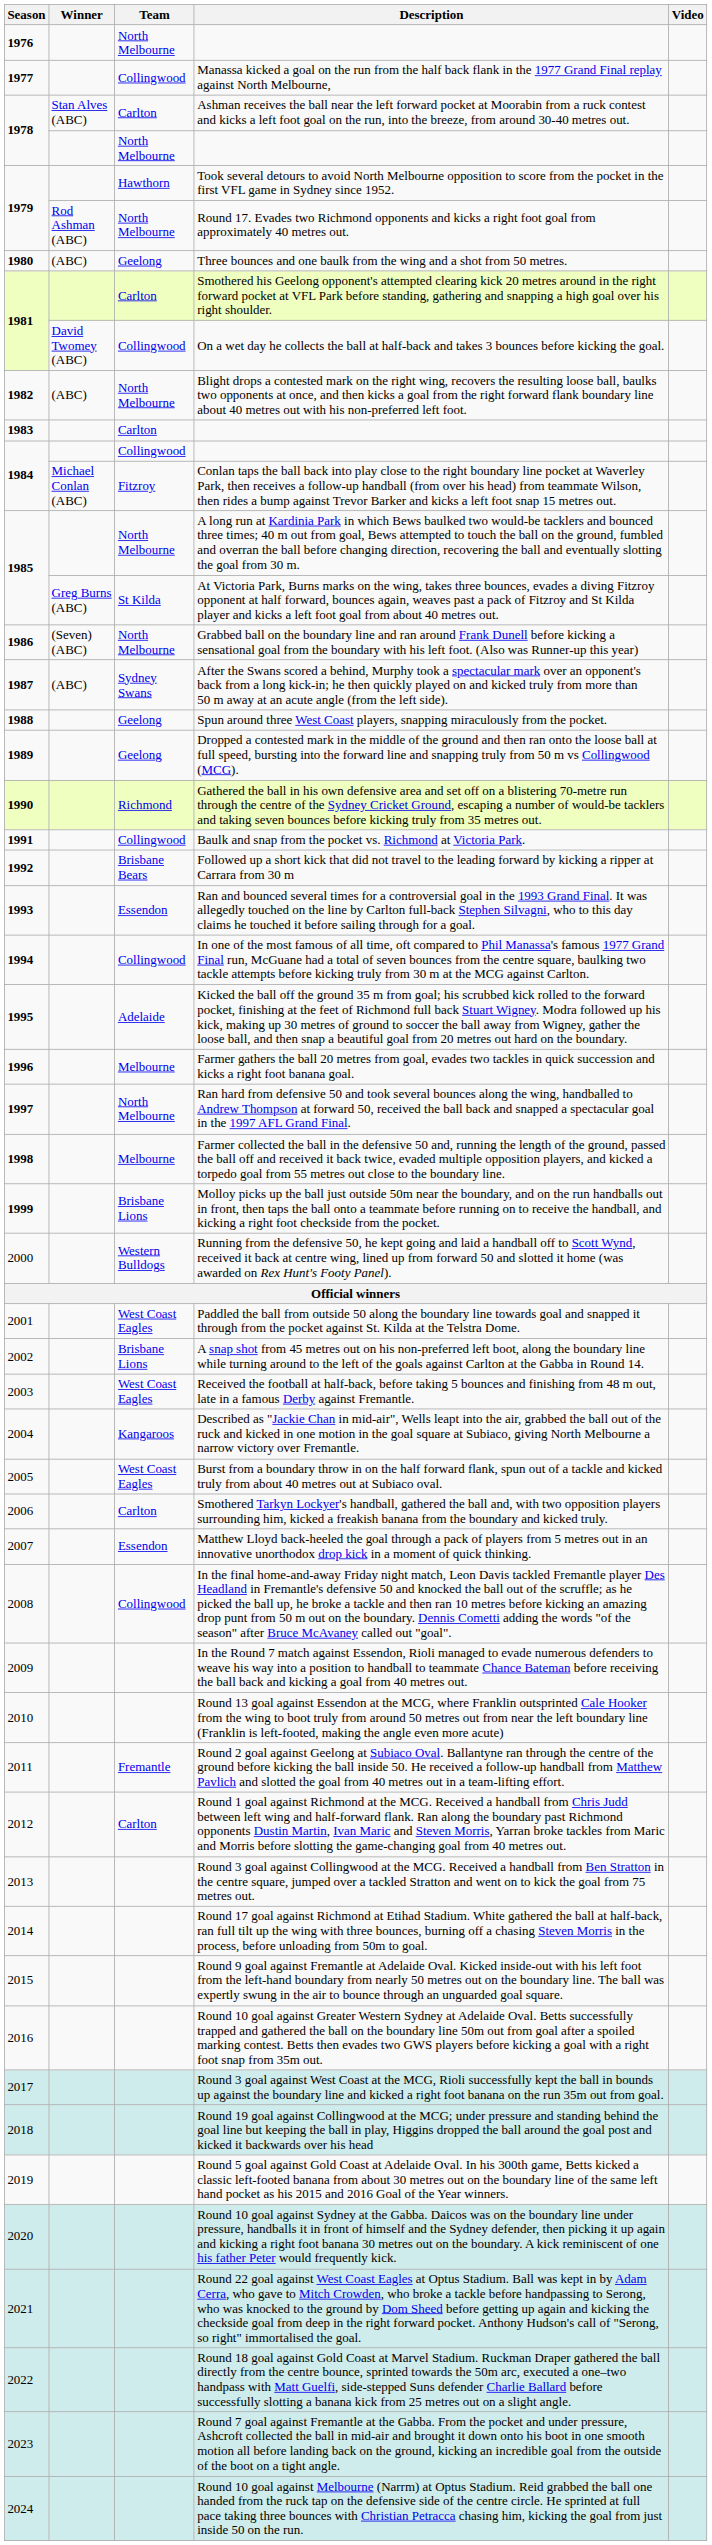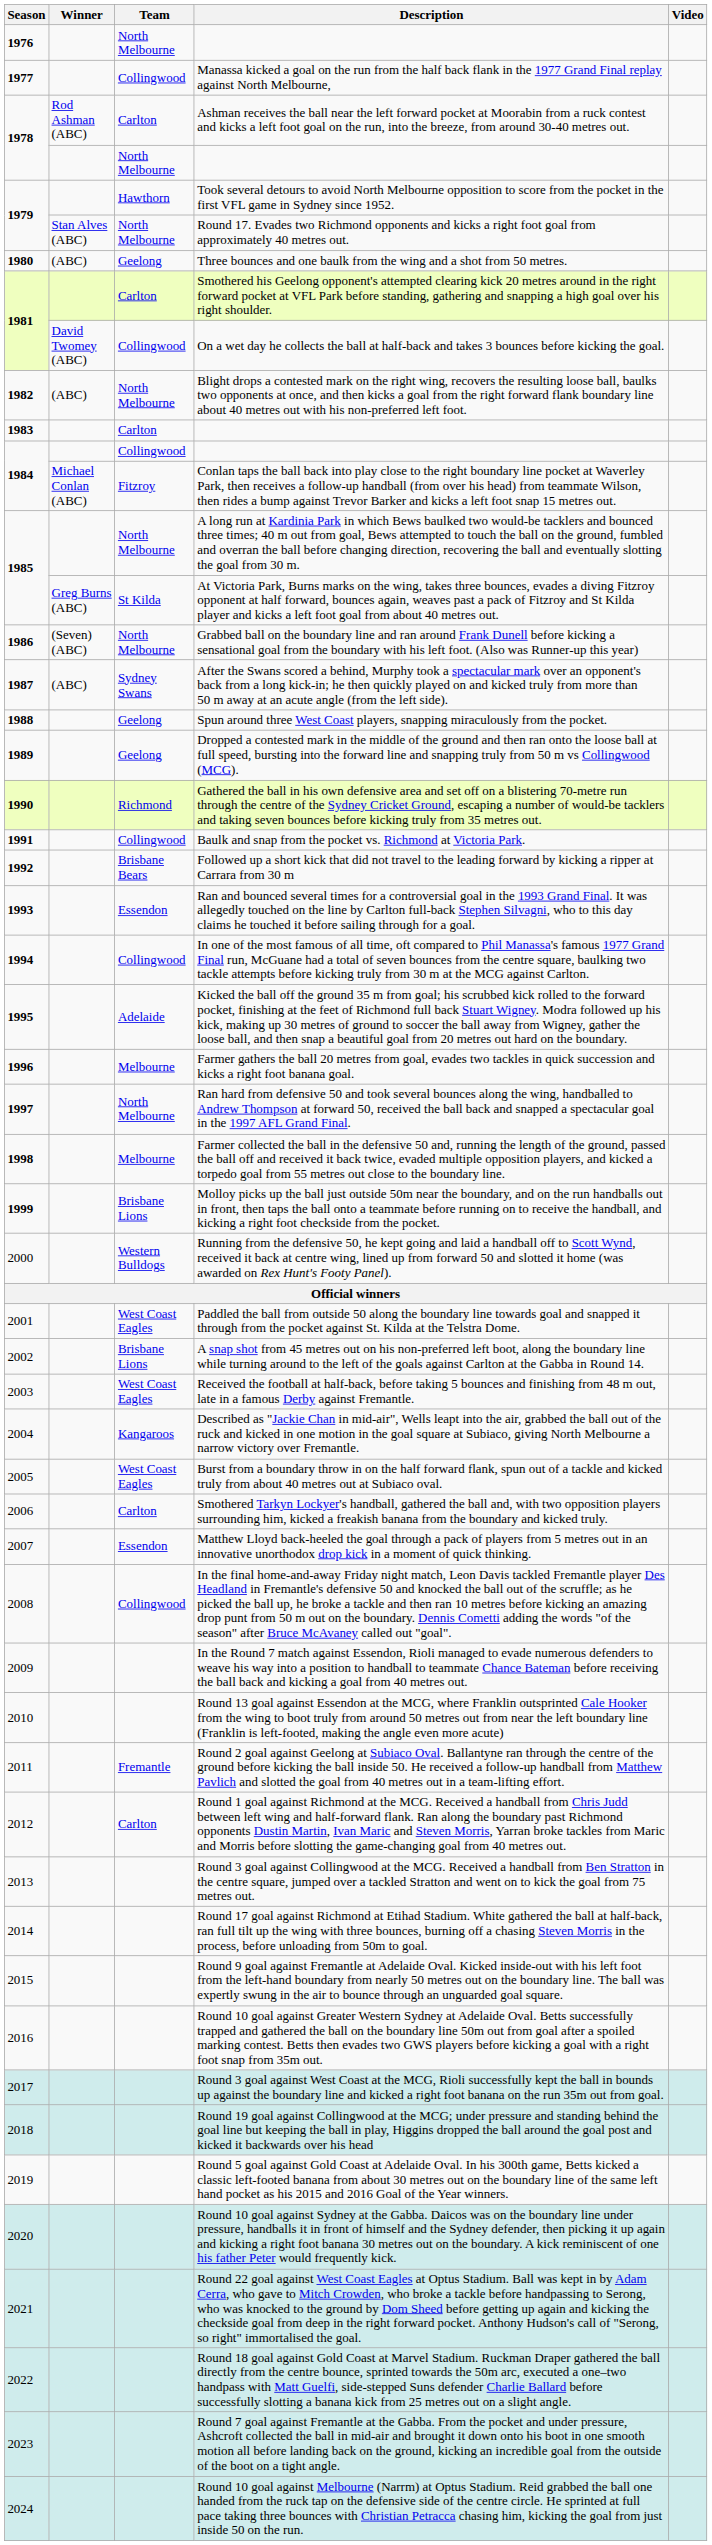 <table class="wikitable sortable">
 <tr>
 <th>Season</th>
 <th>Winner</th>
 <th>Team</th>
 <th class=unsortable>Description</th>
 <th class=unsortable>Video</th>
 </tr>
 <tr>
 <td><strong>1976</strong></td>
 <td></td>
 <td><a href='#'>North Melbourne</a></td>
 <td></td>
 <td></td>
 </tr>
 <tr>
 <td><strong>1977</strong></td>
 <td></td>
 <td><a href='#'>Collingwood</a></td>
 <td>Manassa kicked a goal on the run from the half back flank in the <a href='#'>1977 Grand Final replay</a> against North Melbourne,</td>
 <td><strong></strong></td>
 </tr>
 <tr>
 <td rowspan="2"><strong>1978</strong></td>
-<td><a href='#'>Stan Alves</a> (ABC)</td>
+<td><a href='#'>Rod Ashman</a> (ABC)</td>
 <td><a href='#'>Carlton</a></td>
 <td>Ashman receives the ball near the left forward pocket at Moorabin from a ruck contest and kicks a left foot goal on the run, into the breeze, from around 30-40 metres out.</td>
 <td></td>
 </tr>
 <tr>
 <td></td>
 <td><a href='#'>North Melbourne</a></td>
 <td></td>
 <td></td>
 </tr>
 <tr>
 <td rowspan="2"><strong>1979</strong></td>
 <td></td>
 <td><a href='#'>Hawthorn</a></td>
 <td>Took several detours to avoid North Melbourne opposition to score from the pocket in the first VFL game in Sydney since 1952.</td>
 <td></td>
 </tr>
 <tr>
-<td><a href='#'>Rod Ashman</a> (ABC)</td>
+<td><a href='#'>Stan Alves</a> (ABC)</td>
 <td><a href='#'>North Melbourne</a></td>
 <td>Round 17. Evades two Richmond opponents and kicks a right foot goal from approximately 40 metres out.</td>
 <td></td>
 </tr>
 <tr>
 <td><strong>1980</strong></td>
 <td> (ABC)</td>
 <td><a href='#'>Geelong</a></td>
 <td>Three bounces and one baulk from the wing and a shot from 50 metres.</td>
 <td></td>
 </tr>
 <tr style="background:#efffbf;">
 <td rowspan="2"><strong>1981</strong></td>
 <td></td>
 <td><a href='#'>Carlton</a></td>
 <td>Smothered his Geelong opponent's attempted clearing kick 20 metres around in the right forward pocket at VFL Park before standing, gathering and snapping a high goal over his right shoulder.</td>
 <td></td>
 </tr>
 <tr>
 <td><a href='#'>David Twomey</a> (ABC)</td>
 <td><a href='#'>Collingwood</a></td>
 <td>On a wet day he collects the ball at half-back and takes 3 bounces before kicking the goal.</td>
 <td></td>
 </tr>
 <tr>
 <td><strong>1982</strong></td>
 <td> (ABC)</td>
 <td><a href='#'>North Melbourne</a></td>
 <td>Blight drops a contested mark on the right wing, recovers the resulting loose ball, baulks two opponents at once, and then kicks a goal from the right forward flank boundary line about 40 metres out with his non-preferred left foot.</td>
 <td></td>
 </tr>
 <tr>
 <td><strong>1983</strong></td>
 <td></td>
 <td><a href='#'>Carlton</a></td>
 <td></td>
 <td></td>
 </tr>
 <tr>
 <td rowspan="2"><strong>1984</strong></td>
 <td></td>
 <td><a href='#'>Collingwood</a></td>
 <td></td>
 <td></td>
 </tr>
 <tr>
 <td><a href='#'>Michael Conlan</a> (ABC)</td>
 <td><a href='#'>Fitzroy</a></td>
 <td>Conlan taps the ball back into play close to the right boundary line pocket at Waverley Park, then receives a follow-up handball (from over his head) from teammate Wilson, then rides a bump against Trevor Barker and kicks a left foot snap 15 metres out.</td>
 <td></td>
 </tr>
 <tr>
 <td rowspan="2"><strong>1985</strong></td>
 <td></td>
 <td><a href='#'>North Melbourne</a></td>
 <td>A long run at <a href='#'>Kardinia Park</a> in which Bews baulked two would-be tacklers and bounced three times; 40 m out from goal, Bews attempted to touch the ball on the ground, fumbled and overran the ball before changing direction, recovering the ball and eventually slotting the goal from 30 m.</td>
 <td></td>
 </tr>
 <tr>
 <td><a href='#'>Greg Burns</a> (ABC)</td>
 <td><a href='#'>St Kilda</a></td>
 <td>At Victoria Park, Burns marks on the wing, takes three bounces, evades a diving Fitzroy opponent at half forward, bounces again, weaves past a pack of Fitzroy and St Kilda player and kicks a left foot goal from about 40 metres out.</td>
 <td></td>
 </tr>
 <tr>
 <td><strong>1986</strong></td>
 <td> (Seven) (ABC)</td>
 <td><a href='#'>North Melbourne</a></td>
 <td>Grabbed ball on the boundary line and ran around <a href='#'>Frank Dunell</a> before kicking a sensational goal from the boundary with his left foot. (Also was Runner-up this year)</td>
 <td></td>
 </tr>
 <tr>
 <td><strong>1987</strong></td>
 <td> (ABC)</td>
 <td><a href='#'>Sydney Swans</a></td>
 <td>After the Swans scored a behind, Murphy took a <a href='#'>spectacular mark</a> over an opponent's back from a long kick-in; he then quickly played on and kicked truly from more than 50 m away at an acute angle (from the left side).</td>
 <td></td>
 </tr>
 <tr>
 <td><strong>1988</strong></td>
 <td></td>
 <td><a href='#'>Geelong</a></td>
 <td>Spun around three <a href='#'>West Coast</a> players, snapping miraculously from the pocket.</td>
 <td></td>
 </tr>
 <tr>
 <td><strong>1989</strong></td>
 <td></td>
 <td><a href='#'>Geelong</a></td>
 <td>Dropped a contested mark in the middle of the ground and then ran onto the loose ball at full speed, bursting into the forward line and snapping truly from 50 m vs <a href='#'>Collingwood</a> (<a href='#'>MCG</a>).</td>
 <td></td>
 </tr>
 <tr style="background:#efffbf;">
 <td><strong>1990</strong></td>
 <td></td>
 <td><a href='#'>Richmond</a></td>
 <td>Gathered the ball in his own defensive area and set off on a blistering 70-metre run through the centre of the <a href='#'>Sydney Cricket Ground</a>, escaping a number of would-be tacklers and taking seven bounces before kicking truly from 35 metres out.</td>
 <td></td>
 </tr>
 <tr>
 <td><strong>1991</strong></td>
 <td></td>
 <td><a href='#'>Collingwood</a></td>
 <td>Baulk and snap from the pocket vs. <a href='#'>Richmond</a> at <a href='#'>Victoria Park</a>.</td>
 <td></td>
 </tr>
 <tr>
 <td><strong>1992</strong></td>
 <td></td>
 <td><a href='#'>Brisbane Bears</a></td>
 <td>Followed up a short kick that did not travel to the leading forward by kicking a ripper at Carrara from 30 m</td>
 <td></td>
 </tr>
 <tr>
 <td><strong>1993</strong></td>
 <td></td>
 <td><a href='#'>Essendon</a></td>
 <td>Ran and bounced several times for a controversial goal in the <a href='#'>1993 Grand Final</a>. It was allegedly touched on the line by Carlton full-back <a href='#'>Stephen Silvagni</a>, who to this day claims he touched it before sailing through for a goal.</td>
 <td><strong></strong></td>
 </tr>
 <tr>
 <td><strong>1994</strong></td>
 <td></td>
 <td><a href='#'>Collingwood</a></td>
 <td>In one of the most famous of all time, oft compared to <a href='#'>Phil Manassa</a>'s famous <a href='#'>1977 Grand Final</a> run, McGuane had a total of seven bounces from the centre square, baulking two tackle attempts before kicking truly from 30 m at the MCG against Carlton.</td>
 <td><strong></strong></td>
 </tr>
 <tr>
 <td><strong>1995</strong></td>
 <td></td>
 <td><a href='#'>Adelaide</a></td>
 <td>Kicked the ball off the ground 35 m from goal; his scrubbed kick rolled to the forward pocket, finishing at the feet of Richmond full back <a href='#'>Stuart Wigney</a>. Modra followed up his kick, making up 30 metres of ground to soccer the ball away from Wigney, gather the loose ball, and then snap a beautiful goal from 20 metres out hard on the boundary.</td>
 <td></td>
 </tr>
 <tr>
 <td><strong>1996</strong></td>
 <td></td>
 <td><a href='#'>Melbourne</a></td>
 <td>Farmer gathers the ball 20 metres from goal, evades two tackles in quick succession and kicks a right foot banana goal.</td>
 <td></td>
 </tr>
 <tr>
 <td><strong>1997</strong></td>
 <td></td>
 <td><a href='#'>North Melbourne</a></td>
 <td>Ran hard from defensive 50 and took several bounces along the wing, handballed to <a href='#'>Andrew Thompson</a> at forward 50, received the ball back and snapped a spectacular goal in the <a href='#'>1997 AFL Grand Final</a>.</td>
 <td></td>
 </tr>
 <tr>
 <td><strong>1998</strong></td>
 <td></td>
 <td><a href='#'>Melbourne</a></td>
 <td>Farmer collected the ball in the defensive 50 and, running the length of the ground, passed the ball off and received it back twice, evaded multiple opposition players, and kicked a torpedo goal from 55 metres out close to the boundary line.</td>
 <td></td>
 </tr>
 <tr>
 <td><strong>1999</strong></td>
 <td></td>
 <td><a href='#'>Brisbane Lions</a></td>
 <td>Molloy picks up the ball just outside 50m near the boundary, and on the run handballs out in front, then taps the ball onto a teammate before running on to receive the handball, and kicking a right foot checkside from the pocket.</td>
 <td></td>
 </tr>
 <tr>
 <td>2000</td>
 <td></td>
 <td><a href='#'>Western Bulldogs</a></td>
 <td>Running from the defensive 50, he kept going and laid a handball off to <a href='#'>Scott Wynd</a>, received it back at centre wing, lined up from forward 50 and slotted it home (was awarded on <em>Rex Hunt's Footy Panel</em>).</td>
 <td></td>
 </tr>
 <tr>
 <th colspan=5>Official winners</th>
 </tr>
 <tr>
 <td>2001</td>
 <td></td>
 <td><a href='#'>West Coast Eagles</a></td>
 <td>Paddled the ball from outside 50 along the boundary line towards goal and snapped it through from the pocket against St. Kilda at the Telstra Dome.</td>
 <td><strong></strong></td>
 </tr>
 <tr>
 <td>2002</td>
 <td></td>
 <td><a href='#'>Brisbane Lions</a></td>
 <td>A <a href='#'>snap shot</a> from 45 metres out on his non-preferred left boot, along the boundary line while turning around to the left of the goals against Carlton at the Gabba in Round 14.</td>
 <td><strong></strong></td>
 </tr>
 <tr>
 <td>2003</td>
 <td></td>
 <td><a href='#'>West Coast Eagles</a></td>
 <td>Received the football at half-back, before taking 5 bounces and finishing from 48 m out, late in a famous <a href='#'>Derby</a> against Fremantle.</td>
 <td></td>
 </tr>
 <tr>
 <td>2004</td>
 <td></td>
 <td><a href='#'>Kangaroos</a></td>
 <td>Described as "<a href='#'>Jackie Chan</a> in mid-air", Wells leapt into the air, grabbed the ball out of the ruck and kicked in one motion in the goal square at Subiaco, giving North Melbourne a narrow victory over Fremantle.</td>
 <td><strong></strong></td>
 </tr>
 <tr>
 <td>2005</td>
 <td></td>
 <td><a href='#'>West Coast Eagles</a></td>
 <td>Burst from a boundary throw in on the half forward flank, spun out of a tackle and kicked truly from about 40 metres out at Subiaco oval.</td>
 <td></td>
 </tr>
 <tr>
 <td>2006</td>
 <td></td>
 <td><a href='#'>Carlton</a></td>
 <td>Smothered <a href='#'>Tarkyn Lockyer</a>'s handball, gathered the ball and, with two opposition players surrounding him, kicked a freakish banana from the boundary and kicked truly.</td>
 <td><strong></strong></td>
 </tr>
 <tr>
 <td>2007</td>
 <td></td>
 <td><a href='#'>Essendon</a></td>
 <td>Matthew Lloyd back-heeled the goal through a pack of players from 5 metres out in an innovative unorthodox <a href='#'>drop kick</a> in a moment of quick thinking.</td>
 <td><strong></strong></td>
 </tr>
 <tr>
 <td>2008</td>
 <td></td>
 <td><a href='#'>Collingwood</a></td>
 <td>In the final home-and-away Friday night match, Leon Davis tackled Fremantle player <a href='#'>Des Headland</a> in Fremantle's defensive 50 and knocked the ball out of the scruffle; as he picked the ball up, he broke a tackle and then ran 10 metres before kicking an amazing drop punt from 50 m out on the boundary. <a href='#'>Dennis Cometti</a> adding the words "of the season" after <a href='#'>Bruce McAvaney</a> called out "goal".</td>
 <td><strong></strong></td>
 </tr>
 <tr>
 <td>2009</td>
 <td></td>
 <td></td>
 <td>In the Round 7 match against Essendon, Rioli managed to evade numerous defenders to weave his way into a position to handball to teammate <a href='#'>Chance Bateman</a> before receiving the ball back and kicking a goal from 40 metres out.</td>
 <td><strong></strong></td>
 </tr>
 <tr>
 <td>2010</td>
 <td></td>
 <td></td>
 <td>Round 13 goal against Essendon at the MCG, where Franklin outsprinted <a href='#'>Cale Hooker</a> from the wing to boot truly from around 50 metres out from near the left boundary line (Franklin is left-footed, making the angle even more acute)</td>
 <td><strong></strong></td>
 </tr>
 <tr>
 <td>2011</td>
 <td></td>
 <td><a href='#'>Fremantle</a></td>
 <td>Round 2 goal against Geelong at <a href='#'>Subiaco Oval</a>. Ballantyne ran through the centre of the ground before kicking the ball inside 50. He received a follow-up handball from <a href='#'>Matthew Pavlich</a> and slotted the goal from 40 metres out in a team-lifting effort.</td>
 <td><strong></strong></td>
 </tr>
 <tr>
 <td>2012</td>
 <td></td>
 <td><a href='#'>Carlton</a></td>
 <td>Round 1 goal against Richmond at the MCG. Received a handball from <a href='#'>Chris Judd</a> between left wing and half-forward flank. Ran along the boundary past Richmond opponents <a href='#'>Dustin Martin</a>, <a href='#'>Ivan Maric</a> and <a href='#'>Steven Morris</a>, Yarran broke tackles from Maric and Morris before slotting the game-changing goal from 40 metres out.</td>
 <td><strong></strong></td>
 </tr>
 <tr>
 <td>2013</td>
 <td></td>
 <td></td>
 <td>Round 3 goal against Collingwood at the MCG. Received a handball from <a href='#'>Ben Stratton</a> in the centre square, jumped over a tackled Stratton and went on to kick the goal from 75 metres out.</td>
 <td><strong></strong></td>
 </tr>
 <tr>
 <td>2014</td>
 <td></td>
 <td></td>
 <td>Round 17 goal against Richmond at Etihad Stadium. White gathered the ball at half-back, ran full tilt up the wing with three bounces, burning off a chasing <a href='#'>Steven Morris</a> in the process, before unloading from 50m to goal.</td>
 <td><strong></strong></td>
 </tr>
 <tr>
 <td>2015</td>
 <td></td>
 <td></td>
 <td>Round 9 goal against Fremantle at Adelaide Oval. Kicked inside-out with his left foot from the left-hand boundary from nearly 50 metres out on the boundary line. The ball was expertly swung in the air to bounce through an unguarded goal square.</td>
 <td><strong></strong></td>
 </tr>
 <tr>
 <td>2016</td>
 <td></td>
 <td></td>
 <td>Round 10 goal against Greater Western Sydney at Adelaide Oval. Betts successfully trapped and gathered the ball on the boundary line 50m out from goal after a spoiled marking contest. Betts then evades two GWS players before kicking a goal with a right foot snap from 35m out.</td>
 <td><strong></strong></td>
 </tr>
 <tr style="background:#cfecec;">
 <td>2017</td>
 <td></td>
 <td></td>
 <td>Round 3 goal against West Coast at the MCG, Rioli successfully kept the ball in bounds up against the boundary line and kicked a right foot banana on the run 35m out from goal.</td>
 <td></td>
 </tr>
 <tr style="background:#cfecec;">
 <td>2018</td>
 <td></td>
 <td></td>
 <td>Round 19 goal against Collingwood at the MCG; under pressure and standing behind the goal line but keeping the ball in play, Higgins dropped the ball around the goal post and kicked it backwards over his head</td>
 <td></td>
 </tr>
 <tr>
 <td>2019</td>
 <td></td>
 <td></td>
 <td>Round 5 goal against Gold Coast at Adelaide Oval. In his 300th game, Betts kicked a classic left-footed banana from about 30 metres out on the boundary line of the same left hand pocket as his 2015 and 2016 Goal of the Year winners.</td>
 <td></td>
 </tr>
 <tr style="background:#cfecec;">
 <td>2020</td>
 <td></td>
 <td></td>
 <td>Round 10 goal against Sydney at the Gabba. Daicos was on the boundary line under pressure, handballs it in front of himself and the Sydney defender, then picking it up again and kicking a right foot banana 30 metres out on the boundary. A kick reminiscent of one <a href='#'>his father Peter</a> would frequently kick.</td>
 <td></td>
 </tr>
 <tr style="background:#cfecec;">
 <td>2021</td>
 <td></td>
 <td></td>
 <td>Round 22 goal against <a href='#'>West Coast Eagles</a> at Optus Stadium. Ball was kept in by <a href='#'>Adam Cerra</a>, who gave to <a href='#'>Mitch Crowden</a>, who broke a tackle before handpassing to Serong, who was knocked to the ground by <a href='#'>Dom Sheed</a> before getting up again and kicking the checkside goal from deep in the right forward pocket. Anthony Hudson's call of "Serong, so right" immortalised the goal.</td>
 <td></td>
 </tr>
 <tr style="background:#cfecec;">
 <td>2022</td>
 <td></td>
 <td></td>
 <td>Round 18 goal against Gold Coast at Marvel Stadium. Ruckman Draper gathered the ball directly from the centre bounce, sprinted towards the 50m arc, executed a one–two handpass with <a href='#'>Matt Guelfi</a>, side-stepped Suns defender <a href='#'>Charlie Ballard</a> before successfully slotting a banana kick from 25 metres out on a slight angle.</td>
 <td></td>
 </tr>
 <tr style="background:#cfecec;">
 <td>2023</td>
 <td></td>
 <td></td>
 <td>Round 7 goal against Fremantle at the Gabba. From the pocket and under pressure, Ashcroft collected the ball in mid-air and brought it down onto his boot in one smooth motion all before landing back on the ground, kicking an incredible goal from the outside of the boot on a tight angle.</td>
 <td></td>
 </tr>
 <tr style="background:#cfecec;">
 <td>2024</td>
 <td></td>
 <td></td>
 <td>Round 10 goal against <a href='#'>Melbourne</a> (Narrm) at Optus Stadium. Reid grabbed the ball one handed from the ruck tap on the defensive side of the centre circle. He sprinted at full pace taking three bounces with <a href='#'>Christian Petracca</a> chasing him, kicking the goal from just inside 50 on the run.</td>
 <td></td>
 </tr>
 </table>
